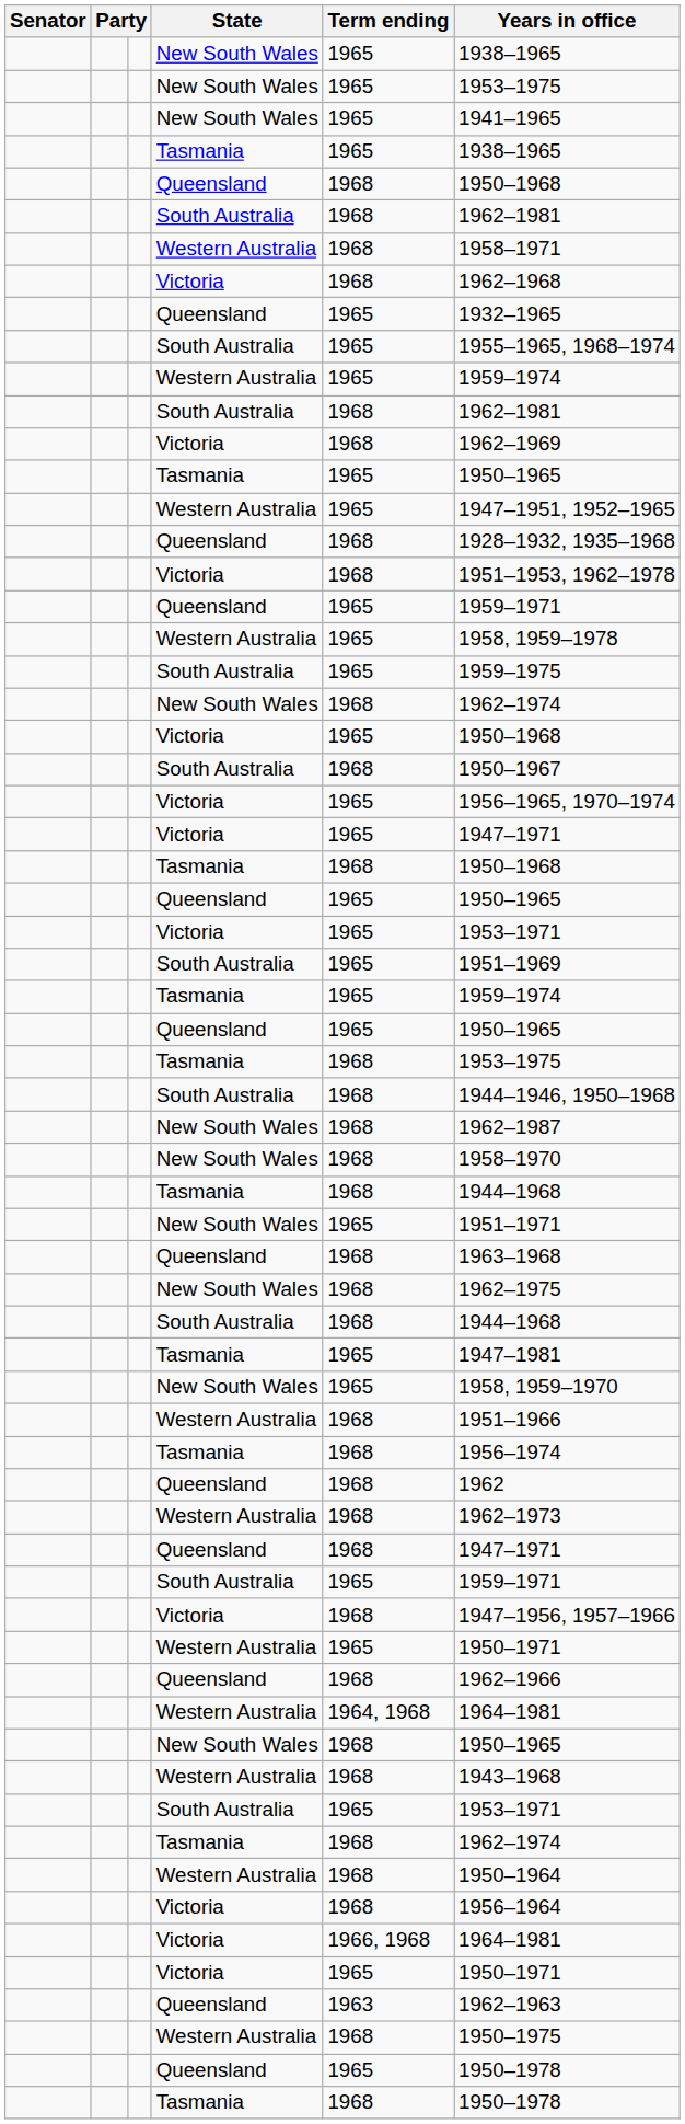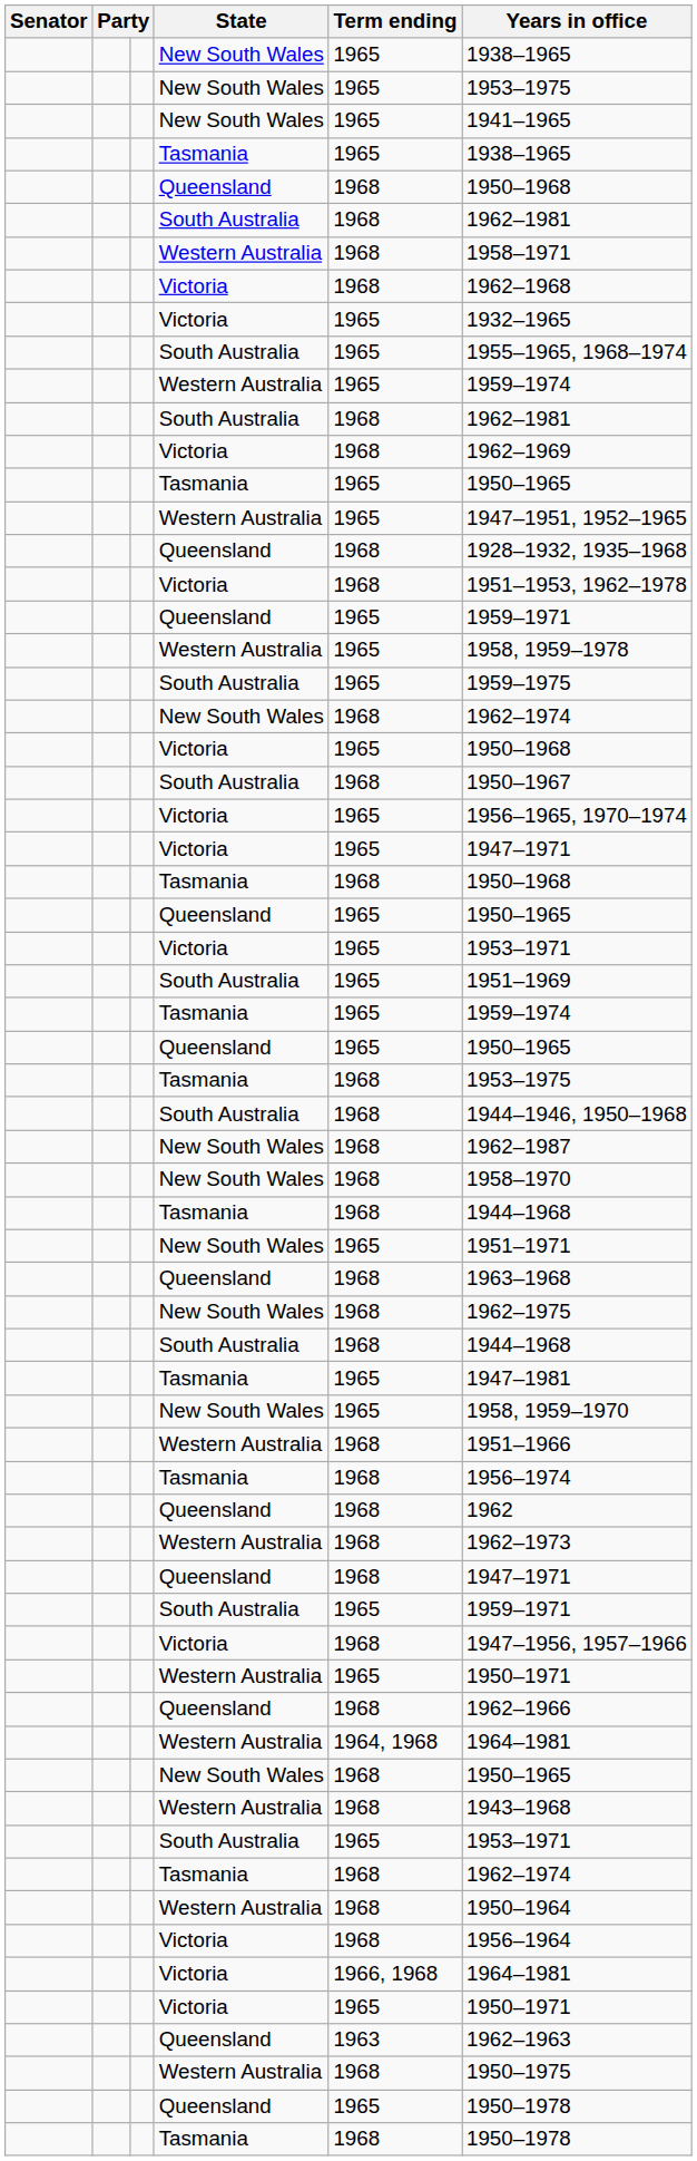 <table class="wikitable sortable">
 <tr>
 <th>Senator</th>
 <th colspan=2>Party</th>
 <th>State</th>
 <th>Term ending</th>
 <th>Years in office</th>
 </tr>
 <tr>
 <td></td>
 <td> </td>
 <td></td>
 <td><a href='#'>New South Wales</a></td>
 <td>1965</td>
 <td>1938–1965</td>
 </tr>
 <tr>
 <td></td>
 <td> </td>
 <td></td>
 <td>New South Wales</td>
 <td>1965</td>
 <td>1953–1975</td>
 </tr>
 <tr>
 <td></td>
 <td> </td>
 <td></td>
 <td>New South Wales</td>
 <td>1965</td>
 <td>1941–1965</td>
 </tr>
 <tr>
 <td></td>
 <td> </td>
 <td></td>
 <td><a href='#'>Tasmania</a></td>
 <td>1965</td>
 <td>1938–1965</td>
 </tr>
 <tr>
 <td></td>
 <td> </td>
 <td></td>
 <td><a href='#'>Queensland</a></td>
 <td>1968</td>
 <td>1950–1968</td>
 </tr>
 <tr>
 <td></td>
 <td> </td>
 <td></td>
 <td><a href='#'>South Australia</a></td>
 <td>1968</td>
 <td>1962–1981</td>
 </tr>
 <tr>
 <td></td>
 <td> </td>
 <td></td>
 <td><a href='#'>Western Australia</a></td>
 <td>1968</td>
 <td>1958–1971</td>
 </tr>
 <tr>
 <td></td>
 <td> </td>
 <td></td>
 <td><a href='#'>Victoria</a></td>
 <td>1968</td>
 <td>1962–1968</td>
 </tr>
 <tr>
 <td> </td>
 <td> </td>
 <td></td>
-<td>Queensland</td>
+<td>Victoria</td>
 <td>1965</td>
 <td>1932–1965</td>
 </tr>
 <tr>
 <td></td>
 <td> </td>
 <td></td>
 <td>South Australia</td>
 <td>1965</td>
 <td>1955–1965, 1968–1974</td>
 </tr>
 <tr>
 <td></td>
 <td> </td>
 <td></td>
 <td>Western Australia</td>
 <td>1965</td>
 <td>1959–1974</td>
 </tr>
 <tr>
 <td></td>
 <td> </td>
 <td></td>
 <td>South Australia</td>
 <td>1968</td>
 <td>1962–1981</td>
 </tr>
 <tr>
 <td></td>
 <td> </td>
 <td></td>
 <td>Victoria</td>
 <td>1968</td>
 <td>1962–1969</td>
 </tr>
 <tr>
 <td></td>
 <td> </td>
 <td></td>
 <td>Tasmania</td>
 <td>1965</td>
 <td>1950–1965</td>
 </tr>
 <tr>
 <td></td>
 <td> </td>
 <td></td>
 <td>Western Australia</td>
 <td>1965</td>
 <td>1947–1951, 1952–1965</td>
 </tr>
 <tr>
 <td></td>
 <td> </td>
 <td></td>
 <td>Queensland</td>
 <td>1968</td>
 <td>1928–1932, 1935–1968</td>
 </tr>
 <tr>
 <td></td>
 <td> </td>
 <td></td>
 <td>Victoria</td>
 <td>1968</td>
 <td>1951–1953, 1962–1978</td>
 </tr>
 <tr>
 <td></td>
 <td> </td>
 <td></td>
 <td>Queensland</td>
 <td>1965</td>
 <td>1959–1971</td>
 </tr>
 <tr>
 <td></td>
 <td> </td>
 <td></td>
 <td>Western Australia</td>
 <td>1965</td>
 <td>1958, 1959–1978</td>
 </tr>
 <tr>
 <td></td>
 <td> </td>
 <td></td>
 <td>South Australia</td>
 <td>1965</td>
 <td>1959–1975</td>
 </tr>
 <tr>
 <td></td>
 <td> </td>
 <td></td>
 <td>New South Wales</td>
 <td>1968</td>
 <td>1962–1974</td>
 </tr>
 <tr>
 <td></td>
 <td> </td>
 <td></td>
 <td>Victoria</td>
 <td>1965</td>
 <td>1950–1968</td>
 </tr>
 <tr>
 <td></td>
 <td> </td>
 <td></td>
 <td>South Australia</td>
 <td>1968</td>
 <td>1950–1967</td>
 </tr>
 <tr>
 <td></td>
 <td> </td>
 <td></td>
 <td>Victoria</td>
 <td>1965</td>
 <td>1956–1965, 1970–1974</td>
 </tr>
 <tr>
 <td></td>
 <td> </td>
 <td></td>
 <td>Victoria</td>
 <td>1965</td>
 <td>1947–1971</td>
 </tr>
 <tr>
 <td></td>
 <td> </td>
 <td></td>
 <td>Tasmania</td>
 <td>1968</td>
 <td>1950–1968</td>
 </tr>
 <tr>
 <td></td>
 <td> </td>
 <td></td>
 <td>Queensland</td>
 <td>1965</td>
 <td>1950–1965</td>
 </tr>
 <tr>
 <td></td>
 <td> </td>
 <td></td>
 <td>Victoria</td>
 <td>1965</td>
 <td>1953–1971</td>
 </tr>
 <tr>
 <td></td>
 <td> </td>
 <td></td>
 <td>South Australia</td>
 <td>1965</td>
 <td>1951–1969</td>
 </tr>
 <tr>
 <td></td>
 <td> </td>
 <td></td>
 <td>Tasmania</td>
 <td>1965</td>
 <td>1959–1974</td>
 </tr>
 <tr>
 <td></td>
 <td> </td>
 <td></td>
 <td>Queensland</td>
 <td>1965</td>
 <td>1950–1965</td>
 </tr>
 <tr>
 <td></td>
 <td> </td>
 <td></td>
 <td>Tasmania</td>
 <td>1968</td>
 <td>1953–1975</td>
 </tr>
 <tr>
 <td></td>
 <td> </td>
 <td></td>
 <td>South Australia</td>
 <td>1968</td>
 <td>1944–1946, 1950–1968</td>
 </tr>
 <tr>
 <td></td>
 <td> </td>
 <td></td>
 <td>New South Wales</td>
 <td>1968</td>
 <td>1962–1987</td>
 </tr>
 <tr>
 <td></td>
 <td> </td>
 <td></td>
 <td>New South Wales</td>
 <td>1968</td>
 <td>1958–1970</td>
 </tr>
 <tr>
 <td></td>
 <td> </td>
 <td></td>
 <td>Tasmania</td>
 <td>1968</td>
 <td>1944–1968</td>
 </tr>
 <tr>
 <td></td>
 <td> </td>
 <td></td>
 <td>New South Wales</td>
 <td>1965</td>
 <td>1951–1971</td>
 </tr>
 <tr>
 <td> </td>
 <td> </td>
 <td></td>
 <td>Queensland</td>
 <td>1968</td>
 <td>1963–1968</td>
 </tr>
 <tr>
 <td></td>
 <td> </td>
 <td></td>
 <td>New South Wales</td>
 <td>1968</td>
 <td>1962–1975</td>
 </tr>
 <tr>
 <td></td>
 <td> </td>
 <td></td>
 <td>South Australia</td>
 <td>1968</td>
 <td>1944–1968</td>
 </tr>
 <tr>
 <td></td>
 <td> </td>
 <td></td>
 <td>Tasmania</td>
 <td>1965</td>
 <td>1947–1981</td>
 </tr>
 <tr>
 <td></td>
 <td> </td>
 <td></td>
 <td>New South Wales</td>
 <td>1965</td>
 <td>1958, 1959–1970</td>
 </tr>
 <tr>
 <td></td>
 <td> </td>
 <td></td>
 <td>Western Australia</td>
 <td>1968</td>
 <td>1951–1966</td>
 </tr>
 <tr>
 <td></td>
 <td> </td>
 <td></td>
 <td>Tasmania</td>
 <td>1968</td>
 <td>1956–1974</td>
 </tr>
 <tr>
 <td> </td>
 <td> </td>
 <td></td>
 <td>Queensland</td>
 <td>1968</td>
 <td>1962</td>
 </tr>
 <tr>
 <td></td>
 <td> </td>
 <td></td>
 <td>Western Australia</td>
 <td>1968</td>
 <td>1962–1973</td>
 </tr>
 <tr>
 <td></td>
 <td> </td>
 <td></td>
 <td>Queensland</td>
 <td>1968</td>
 <td>1947–1971</td>
 </tr>
 <tr>
 <td></td>
 <td> </td>
 <td></td>
 <td>South Australia</td>
 <td>1965</td>
 <td>1959–1971</td>
 </tr>
 <tr>
 <td></td>
 <td> </td>
 <td></td>
 <td>Victoria</td>
 <td>1968</td>
 <td>1947–1956, 1957–1966</td>
 </tr>
 <tr>
 <td></td>
 <td> </td>
 <td></td>
 <td>Western Australia</td>
 <td>1965</td>
 <td>1950–1971</td>
 </tr>
 <tr>
 <td></td>
 <td> </td>
 <td></td>
 <td>Queensland</td>
 <td>1968</td>
 <td>1962–1966</td>
 </tr>
 <tr>
 <td> </td>
 <td> </td>
 <td></td>
 <td>Western Australia</td>
 <td>1964, 1968</td>
 <td>1964–1981</td>
 </tr>
 <tr>
 <td></td>
 <td> </td>
 <td></td>
 <td>New South Wales</td>
 <td>1968</td>
 <td>1950–1965</td>
 </tr>
 <tr>
 <td></td>
 <td> </td>
 <td></td>
 <td>Western Australia</td>
 <td>1968</td>
 <td>1943–1968</td>
 </tr>
 <tr>
 <td></td>
 <td> </td>
 <td></td>
 <td>South Australia</td>
 <td>1965</td>
 <td>1953–1971</td>
 </tr>
 <tr>
 <td></td>
 <td> </td>
 <td></td>
 <td>Tasmania</td>
 <td>1968</td>
 <td>1962–1974</td>
 </tr>
 <tr>
 <td> </td>
 <td> </td>
 <td></td>
 <td>Western Australia</td>
 <td>1968</td>
 <td>1950–1964</td>
 </tr>
 <tr>
 <td> </td>
 <td> </td>
 <td></td>
 <td>Victoria</td>
 <td>1968</td>
 <td>1956–1964</td>
 </tr>
 <tr>
 <td> </td>
 <td> </td>
 <td></td>
 <td>Victoria</td>
 <td>1966, 1968</td>
 <td>1964–1981</td>
 </tr>
 <tr>
 <td></td>
 <td> </td>
 <td></td>
 <td>Victoria</td>
 <td>1965</td>
 <td>1950–1971</td>
 </tr>
 <tr>
 <td> </td>
 <td> </td>
 <td></td>
 <td>Queensland</td>
 <td>1963</td>
 <td>1962–1963</td>
 </tr>
 <tr>
 <td></td>
 <td> </td>
 <td></td>
 <td>Western Australia</td>
 <td>1968</td>
 <td>1950–1975</td>
 </tr>
 <tr>
 <td></td>
 <td> </td>
 <td></td>
 <td>Queensland</td>
 <td>1965</td>
 <td>1950–1978</td>
 </tr>
 <tr>
 <td></td>
 <td> </td>
 <td></td>
 <td>Tasmania</td>
 <td>1968</td>
 <td>1950–1978</td>
 </tr>
 </table>
